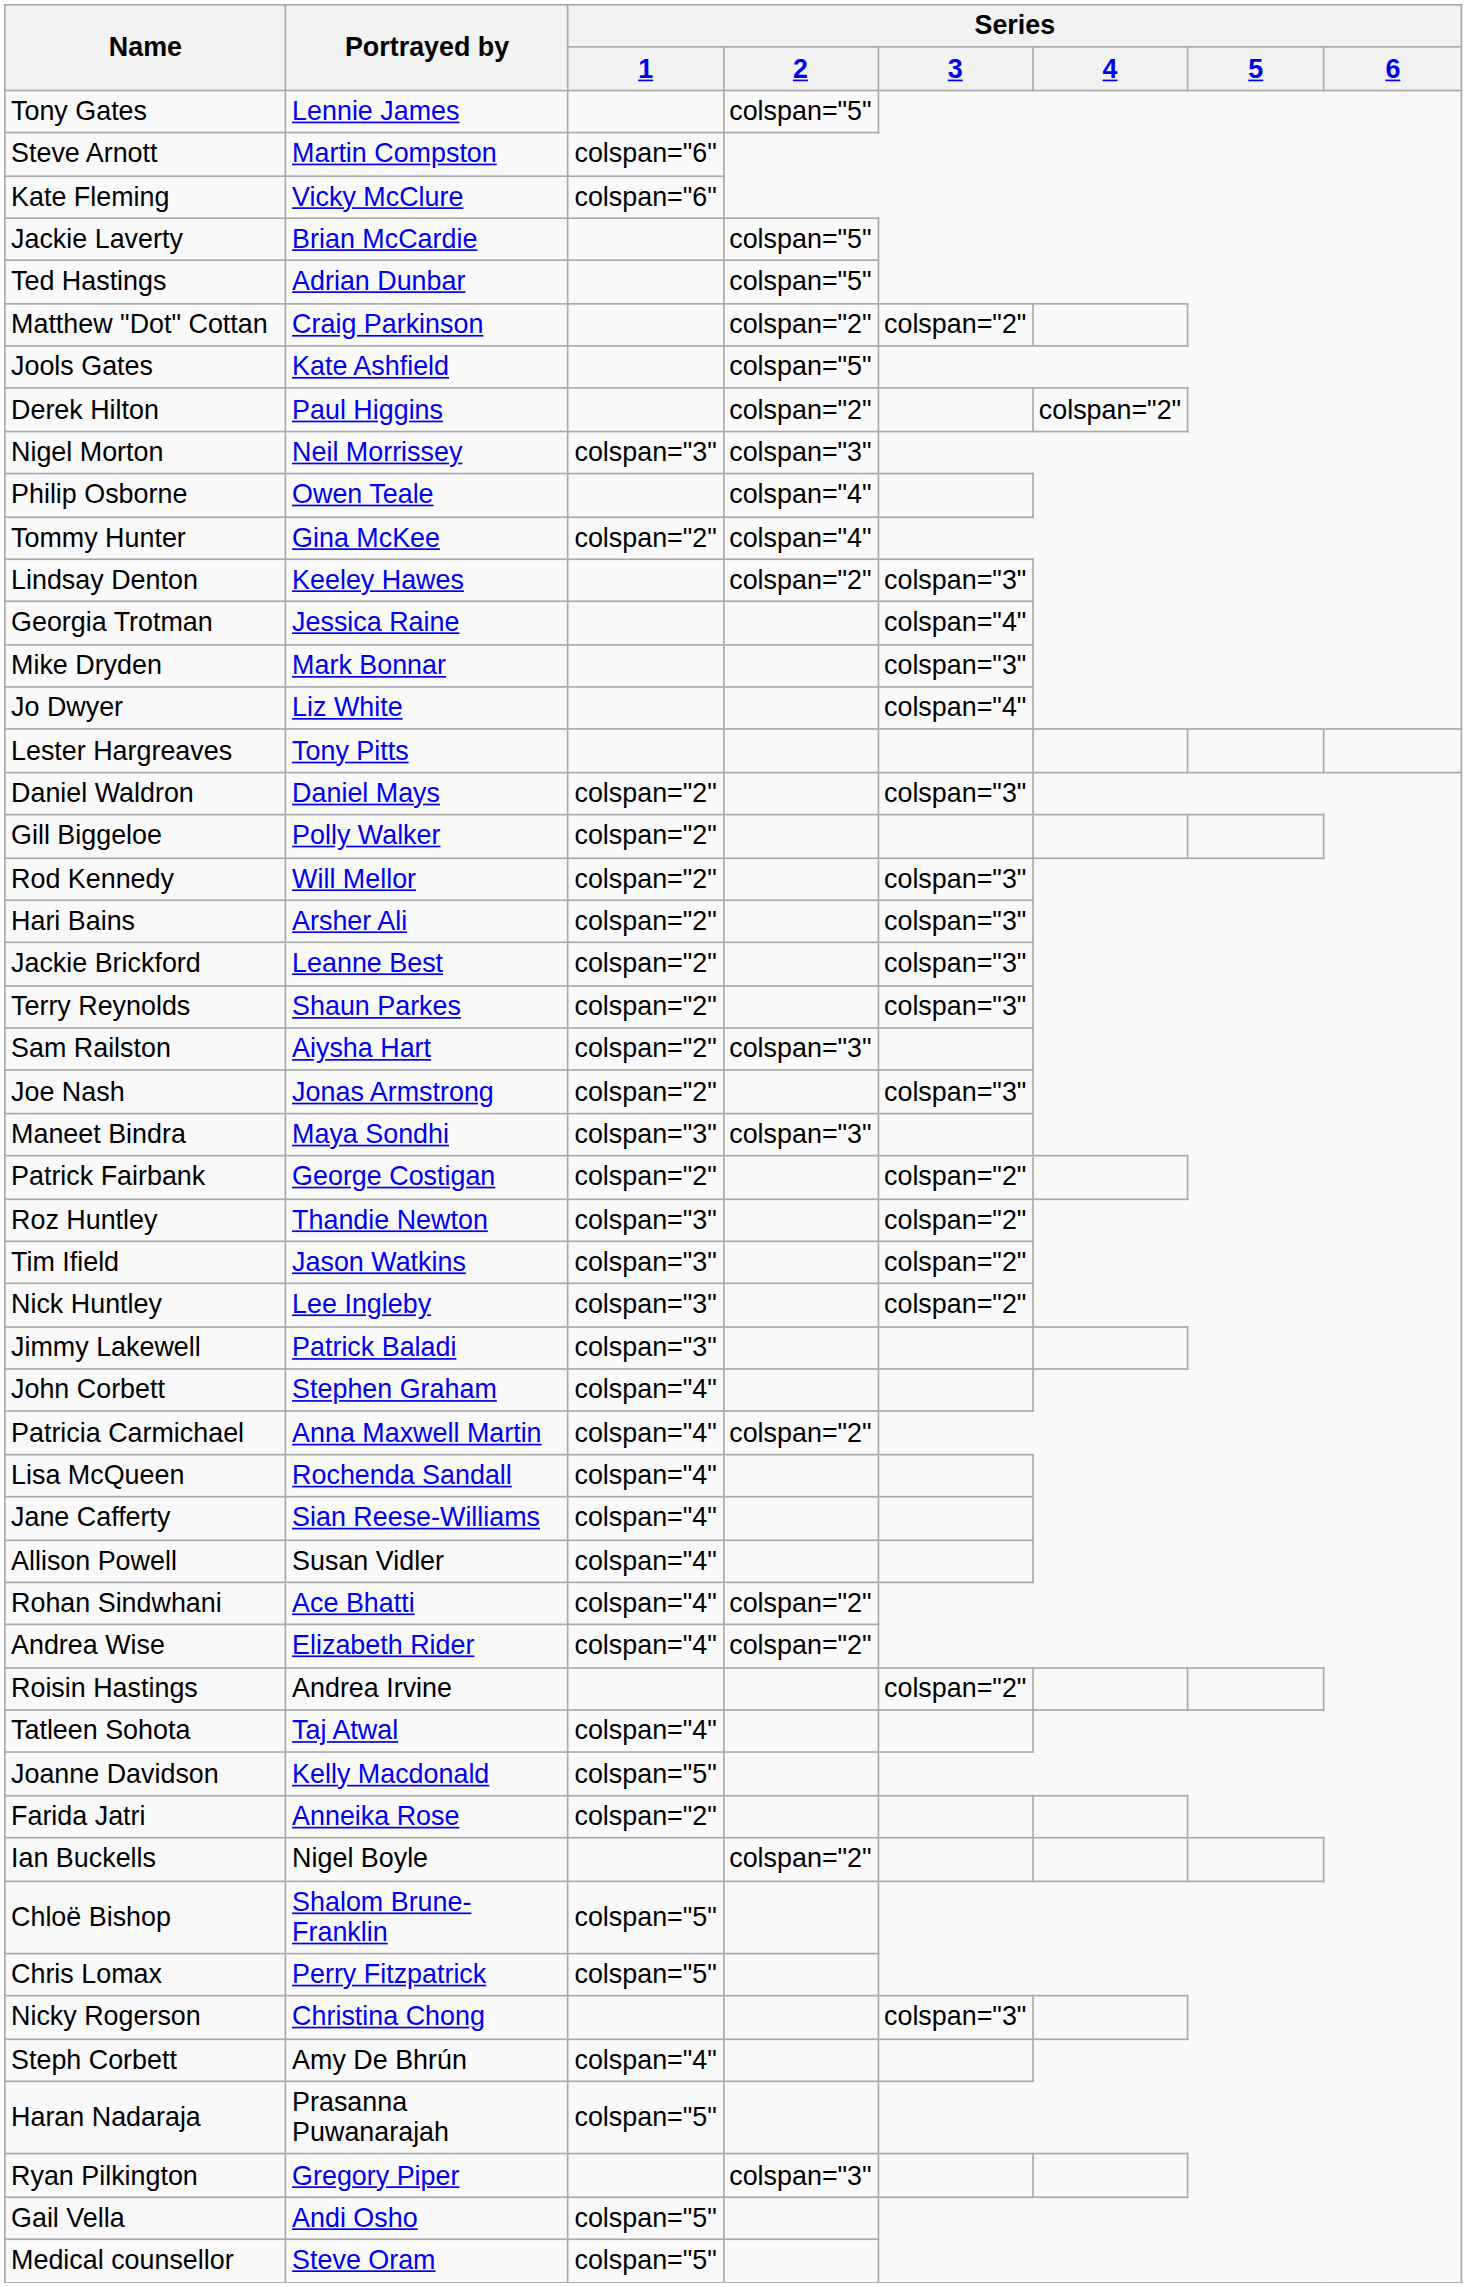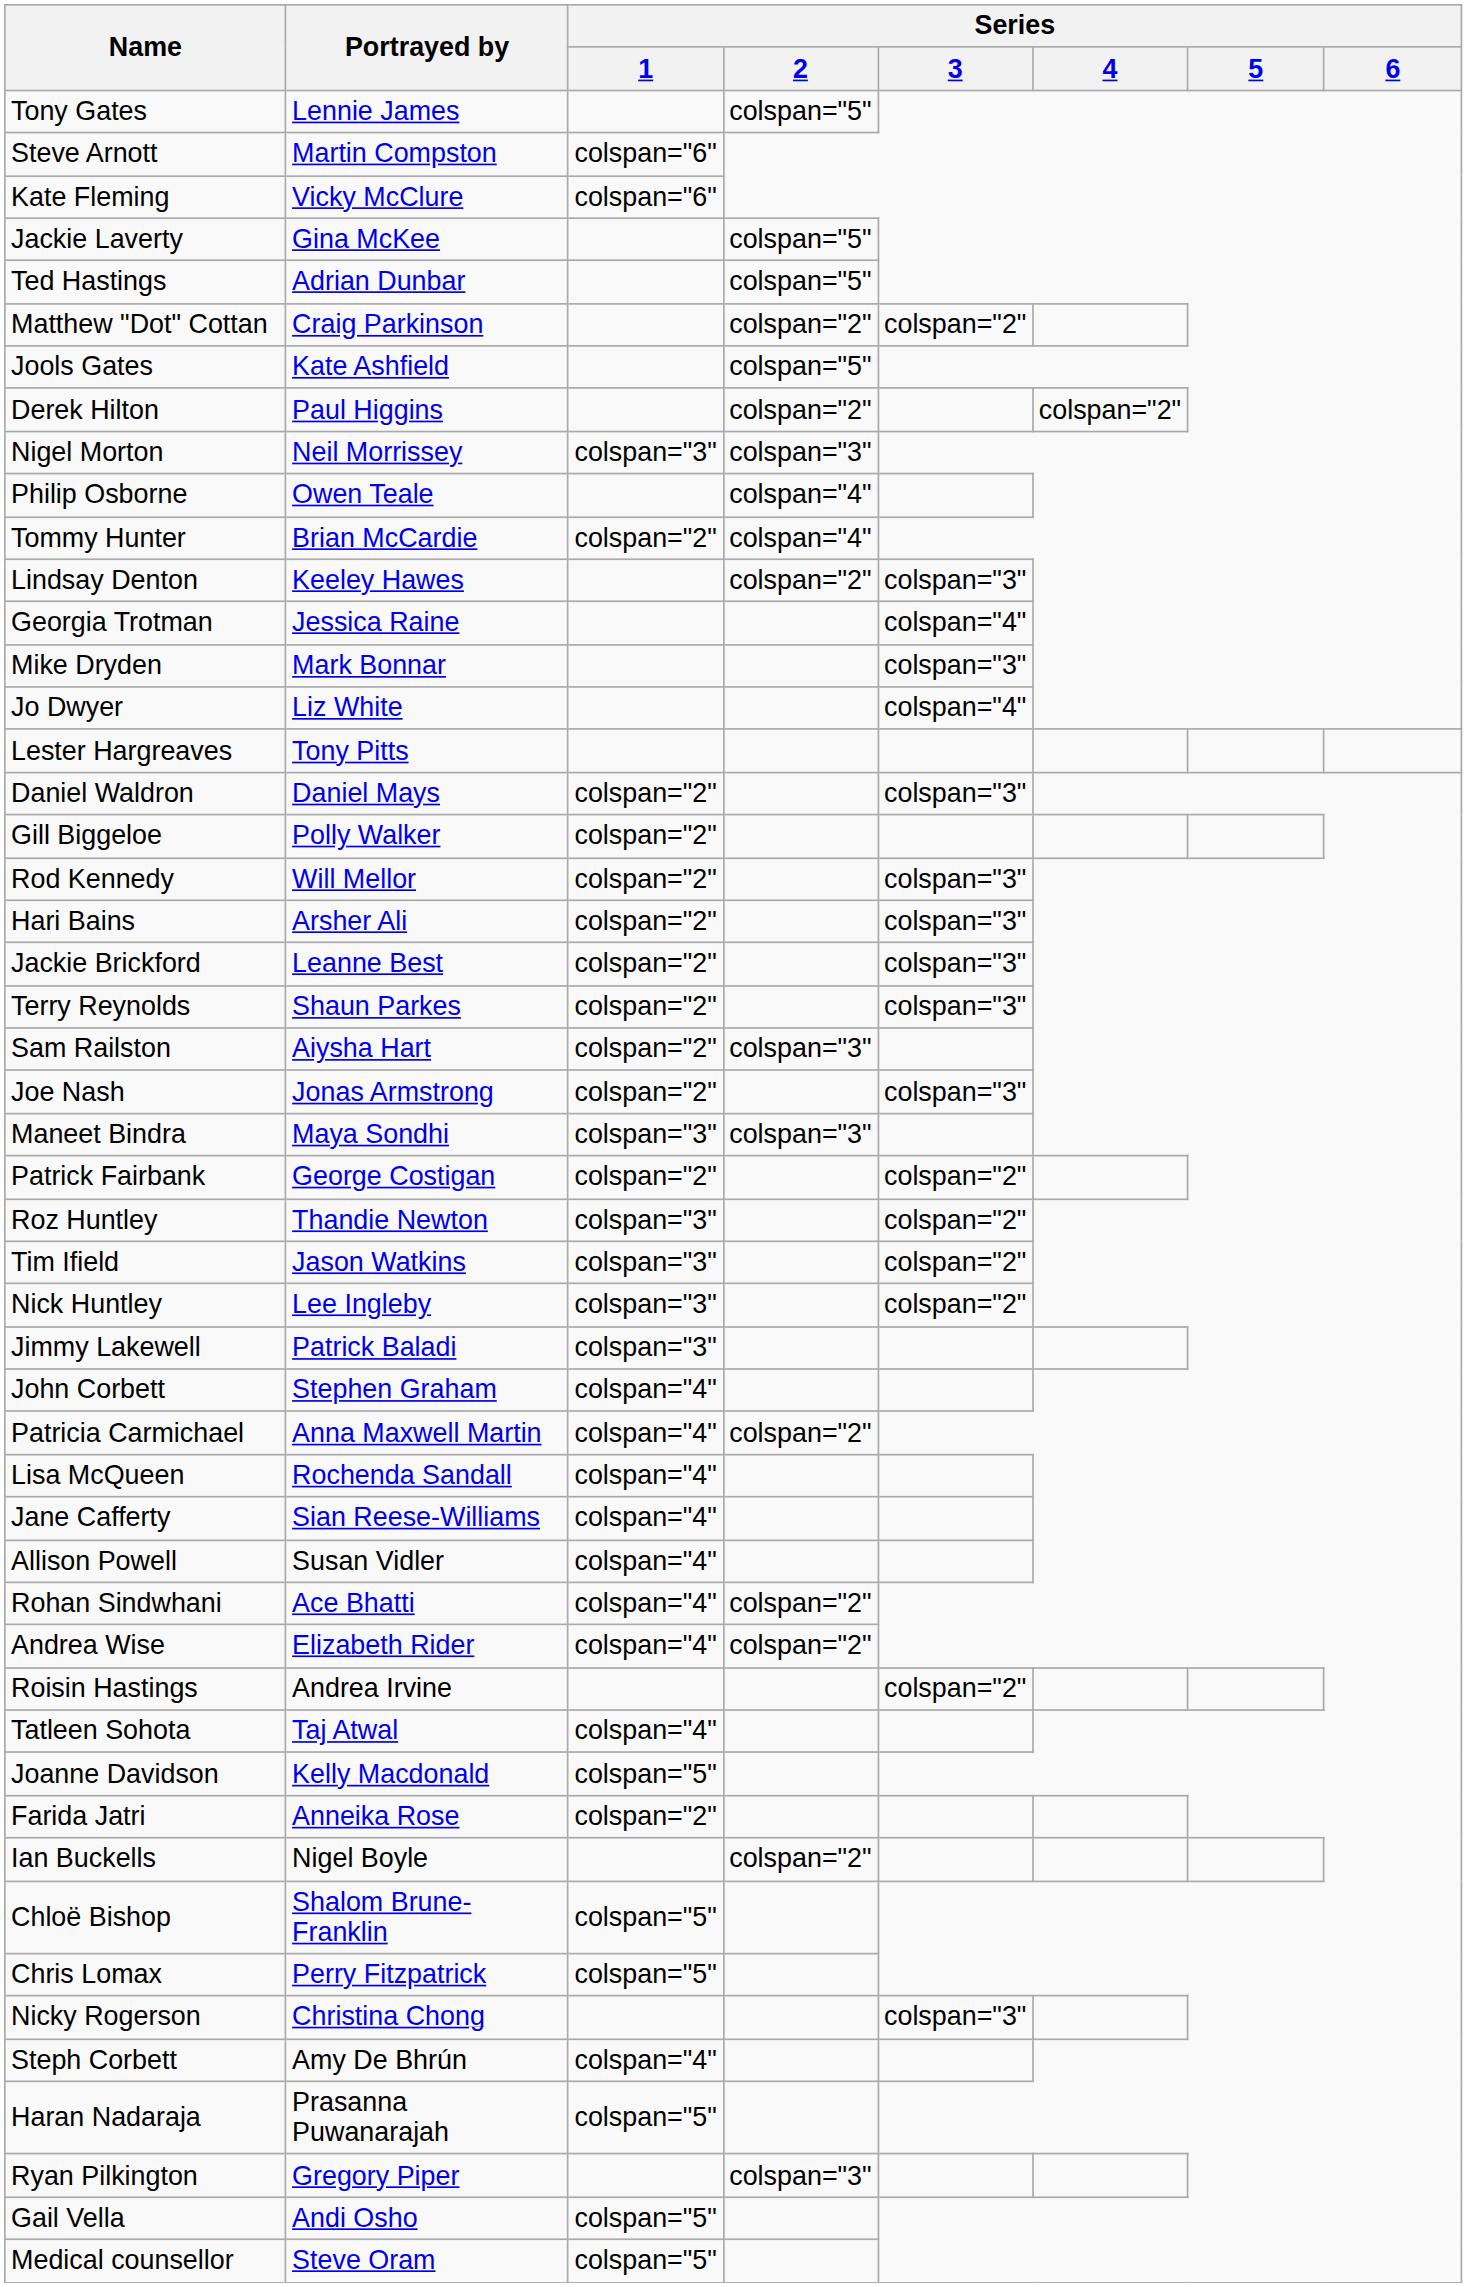 <table class="wikitable plainrowheaders">
 <tr>
 <th scope="col" style="width:20%;" rowspan="2">Name</th>
 <th scope="col" style="width:20%;" rowspan="2">Portrayed by</th>
 <th scope="col" style="width:60%;" colspan="6">Series</th>
 </tr>
 <tr>
 <th scope="col" style="width:10%;"><a href='#'>1</a></th>
 <th scope="col" style="width:10%;"><a href='#'>2</a></th>
 <th scope="col" style="width:10%;"><a href='#'>3</a></th>
 <th scope="col" style="width:10%;"><a href='#'>4</a></th>
 <th scope="col" style="width:10%;"><a href='#'>5</a></th>
 <th scope="col" style="width:10%;"><a href='#'>6</a></th>
 </tr>
 <tr>
 <td scope="row">Tony Gates</td>
 <td><a href='#'>Lennie James</a></td>
 <td></td>
 <td>colspan="5" </td>
 </tr>
 <tr>
 <td scope="row">Steve Arnott</td>
 <td><a href='#'>Martin Compston</a></td>
 <td>colspan="6" </td>
 </tr>
 <tr>
 <td scope="row">Kate Fleming</td>
 <td><a href='#'>Vicky McClure</a></td>
 <td>colspan="6" </td>
 </tr>
 <tr>
 <td scope="row">Jackie Laverty</td>
-<td><a href='#'>Brian McCardie</a></td>
+<td><a href='#'>Gina McKee</a></td>
 <td></td>
 <td>colspan="5" </td>
 </tr>
 <tr>
 <td scope="row">Ted Hastings</td>
 <td><a href='#'>Adrian Dunbar</a></td>
 <td></td>
 <td>colspan="5" </td>
 </tr>
 <tr>
 <td scope="row">Matthew "Dot" Cottan</td>
 <td><a href='#'>Craig Parkinson</a></td>
 <td></td>
 <td>colspan="2" </td>
 <td>colspan="2" </td>
 <td></td>
 </tr>
 <tr>
 <td scope="row">Jools Gates</td>
 <td><a href='#'>Kate Ashfield</a></td>
 <td></td>
 <td>colspan="5" </td>
 </tr>
 <tr>
 <td scope="row">Derek Hilton</td>
 <td><a href='#'>Paul Higgins</a></td>
 <td></td>
 <td>colspan="2" </td>
 <td></td>
 <td>colspan="2" </td>
 </tr>
 <tr>
 <td scope="row">Nigel Morton</td>
 <td><a href='#'>Neil Morrissey</a></td>
 <td>colspan="3" </td>
 <td>colspan="3" </td>
 </tr>
 <tr>
 <td scope="row">Philip Osborne</td>
 <td><a href='#'>Owen Teale</a></td>
 <td></td>
 <td>colspan="4" </td>
 <td></td>
 </tr>
 <tr>
 <td scope="row">Tommy Hunter</td>
-<td><a href='#'>Gina McKee</a></td>
+<td><a href='#'>Brian McCardie</a></td>
 <td>colspan="2" </td>
 <td>colspan="4" </td>
 </tr>
 <tr>
 <td scope="row">Lindsay Denton</td>
 <td><a href='#'>Keeley Hawes</a></td>
 <td></td>
 <td>colspan="2" </td>
 <td>colspan="3" </td>
 </tr>
 <tr>
 <td scope="row">Georgia Trotman</td>
 <td><a href='#'>Jessica Raine</a></td>
 <td></td>
 <td></td>
 <td>colspan="4" </td>
 </tr>
 <tr>
 <td scope="row">Mike Dryden</td>
 <td><a href='#'>Mark Bonnar</a></td>
 <td></td>
 <td></td>
 <td>colspan="3" </td>
 </tr>
 <tr>
 <td scope="row">Jo Dwyer</td>
 <td><a href='#'>Liz White</a></td>
 <td></td>
 <td></td>
 <td>colspan="4" </td>
 </tr>
 <tr>
 <td scope="row">Lester Hargreaves</td>
 <td><a href='#'>Tony Pitts</a></td>
 <td></td>
 <td></td>
 <td></td>
 <td></td>
 <td></td>
 <td></td>
 </tr>
 <tr>
 <td scope="row">Daniel Waldron</td>
 <td><a href='#'>Daniel Mays</a></td>
 <td>colspan="2" </td>
 <td></td>
 <td>colspan="3" </td>
 </tr>
 <tr>
 <td scope="row">Gill Biggeloe</td>
 <td><a href='#'>Polly Walker</a></td>
 <td>colspan="2" </td>
 <td></td>
 <td></td>
 <td></td>
 <td></td>
 </tr>
 <tr>
 <td scope="row">Rod Kennedy</td>
 <td><a href='#'>Will Mellor</a></td>
 <td>colspan="2" </td>
 <td></td>
 <td>colspan="3" </td>
 </tr>
 <tr>
 <td scope="row">Hari Bains</td>
 <td><a href='#'>Arsher Ali</a></td>
 <td>colspan="2" </td>
 <td></td>
 <td>colspan="3" </td>
 </tr>
 <tr>
 <td scope="row">Jackie Brickford</td>
 <td><a href='#'>Leanne Best</a></td>
 <td>colspan="2" </td>
 <td></td>
 <td>colspan="3" </td>
 </tr>
 <tr>
 <td scope="row">Terry Reynolds</td>
 <td><a href='#'>Shaun Parkes</a></td>
 <td>colspan="2" </td>
 <td></td>
 <td>colspan="3" </td>
 </tr>
 <tr>
 <td scope="row">Sam Railston</td>
 <td><a href='#'>Aiysha Hart</a></td>
 <td>colspan="2" </td>
 <td>colspan="3" </td>
 <td></td>
 </tr>
 <tr>
 <td scope="row">Joe Nash</td>
 <td><a href='#'>Jonas Armstrong</a></td>
 <td>colspan="2" </td>
 <td></td>
 <td>colspan="3" </td>
 </tr>
 <tr>
 <td scope="row">Maneet Bindra</td>
 <td><a href='#'>Maya Sondhi</a></td>
 <td>colspan="3" </td>
 <td>colspan="3" </td>
 <td></td>
 </tr>
 <tr>
 <td scope="row">Patrick Fairbank</td>
 <td><a href='#'>George Costigan</a></td>
 <td>colspan="2" </td>
 <td></td>
 <td>colspan="2" </td>
 <td></td>
 </tr>
 <tr>
 <td scope="row">Roz Huntley</td>
 <td><a href='#'>Thandie Newton</a></td>
 <td>colspan="3" </td>
 <td></td>
 <td>colspan="2" </td>
 </tr>
 <tr>
 <td scope="row">Tim Ifield</td>
 <td><a href='#'>Jason Watkins</a></td>
 <td>colspan="3" </td>
 <td></td>
 <td>colspan="2" </td>
 </tr>
 <tr>
 <td scope="row">Nick Huntley</td>
 <td><a href='#'>Lee Ingleby</a></td>
 <td>colspan="3" </td>
 <td></td>
 <td>colspan="2" </td>
 </tr>
 <tr>
 <td scope="row">Jimmy Lakewell</td>
 <td><a href='#'>Patrick Baladi</a></td>
 <td>colspan="3" </td>
 <td></td>
 <td></td>
 <td></td>
 </tr>
 <tr>
 <td scope="row">John Corbett</td>
 <td><a href='#'>Stephen Graham</a></td>
 <td>colspan="4" </td>
 <td></td>
 <td></td>
 </tr>
 <tr>
 <td scope="row">Patricia Carmichael</td>
 <td><a href='#'>Anna Maxwell Martin</a></td>
 <td>colspan="4" </td>
 <td>colspan="2" </td>
 </tr>
 <tr>
 <td scope="row">Lisa McQueen</td>
 <td><a href='#'>Rochenda Sandall</a></td>
 <td>colspan="4" </td>
 <td></td>
 <td></td>
 </tr>
 <tr>
 <td scope="row">Jane Cafferty</td>
 <td><a href='#'>Sian Reese-Williams</a></td>
 <td>colspan="4" </td>
 <td></td>
 <td></td>
 </tr>
 <tr>
 <td scope="row">Allison Powell</td>
 <td>Susan Vidler</td>
 <td>colspan="4" </td>
 <td></td>
 <td></td>
 </tr>
 <tr>
 <td scope="row">Rohan Sindwhani</td>
 <td><a href='#'>Ace Bhatti</a></td>
 <td>colspan="4" </td>
 <td>colspan="2" </td>
 </tr>
 <tr>
 <td scope="row">Andrea Wise</td>
 <td><a href='#'>Elizabeth Rider</a></td>
 <td>colspan="4" </td>
 <td>colspan="2" </td>
 </tr>
 <tr>
 <td scope="row">Roisin Hastings</td>
 <td>Andrea Irvine</td>
 <td></td>
 <td></td>
 <td>colspan="2" </td>
 <td></td>
 <td></td>
 </tr>
 <tr>
 <td scope="row">Tatleen Sohota</td>
 <td><a href='#'>Taj Atwal</a></td>
 <td>colspan="4" </td>
 <td></td>
 <td></td>
 </tr>
 <tr>
 <td scope="row">Joanne Davidson</td>
 <td><a href='#'>Kelly Macdonald</a></td>
 <td>colspan="5" </td>
 <td></td>
 </tr>
 <tr>
 <td scope="row">Farida Jatri</td>
 <td><a href='#'>Anneika Rose</a></td>
 <td>colspan="2" </td>
 <td></td>
 <td></td>
 <td></td>
 </tr>
 <tr>
 <td scope="row">Ian Buckells</td>
 <td>Nigel Boyle</td>
 <td></td>
 <td>colspan="2" </td>
 <td></td>
 <td></td>
 <td></td>
 </tr>
 <tr>
 <td scope="row">Chloë Bishop</td>
 <td><a href='#'>Shalom Brune-Franklin</a></td>
 <td>colspan="5" </td>
 <td></td>
 </tr>
 <tr>
 <td scope="row">Chris Lomax</td>
 <td><a href='#'>Perry Fitzpatrick</a></td>
 <td>colspan="5" </td>
 <td></td>
 </tr>
 <tr>
 <td scope="row">Nicky Rogerson</td>
 <td><a href='#'>Christina Chong</a></td>
 <td></td>
 <td></td>
 <td>colspan="3" </td>
 <td></td>
 </tr>
 <tr>
 <td scope="row">Steph Corbett</td>
 <td>Amy De Bhrún</td>
 <td>colspan="4" </td>
 <td></td>
 <td></td>
 </tr>
 <tr>
 <td scope="row">Haran Nadaraja</td>
 <td>Prasanna Puwanarajah</td>
 <td>colspan="5" </td>
 <td></td>
 </tr>
 <tr>
 <td scope="row">Ryan Pilkington</td>
 <td><a href='#'>Gregory Piper</a></td>
 <td></td>
 <td>colspan="3" </td>
 <td></td>
 <td></td>
 </tr>
 <tr>
 <td scope="row">Gail Vella</td>
 <td><a href='#'>Andi Osho</a></td>
 <td>colspan="5" </td>
 <td></td>
 </tr>
 <tr>
 <td scope="row">Medical counsellor</td>
 <td><a href='#'>Steve Oram</a></td>
 <td>colspan="5" </td>
 <td></td>
 </tr>
 </table>
